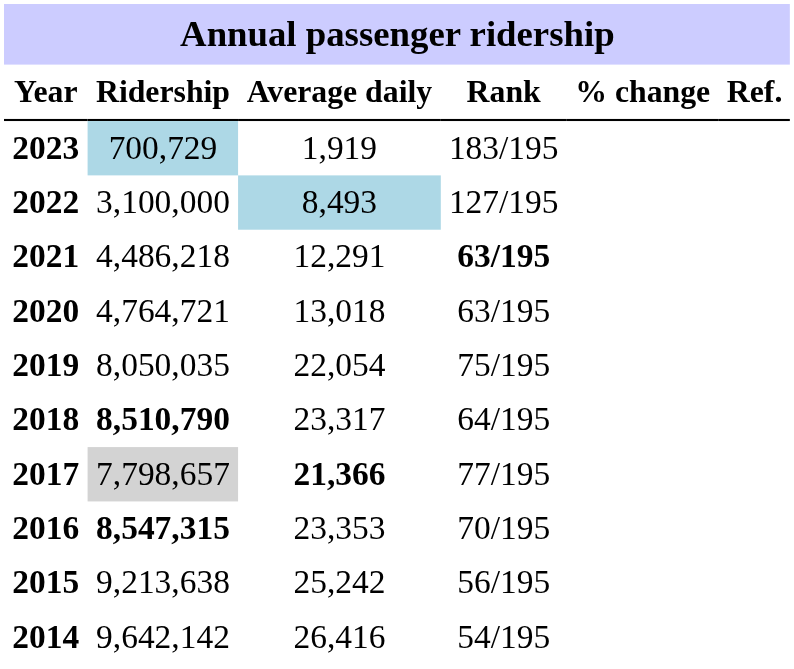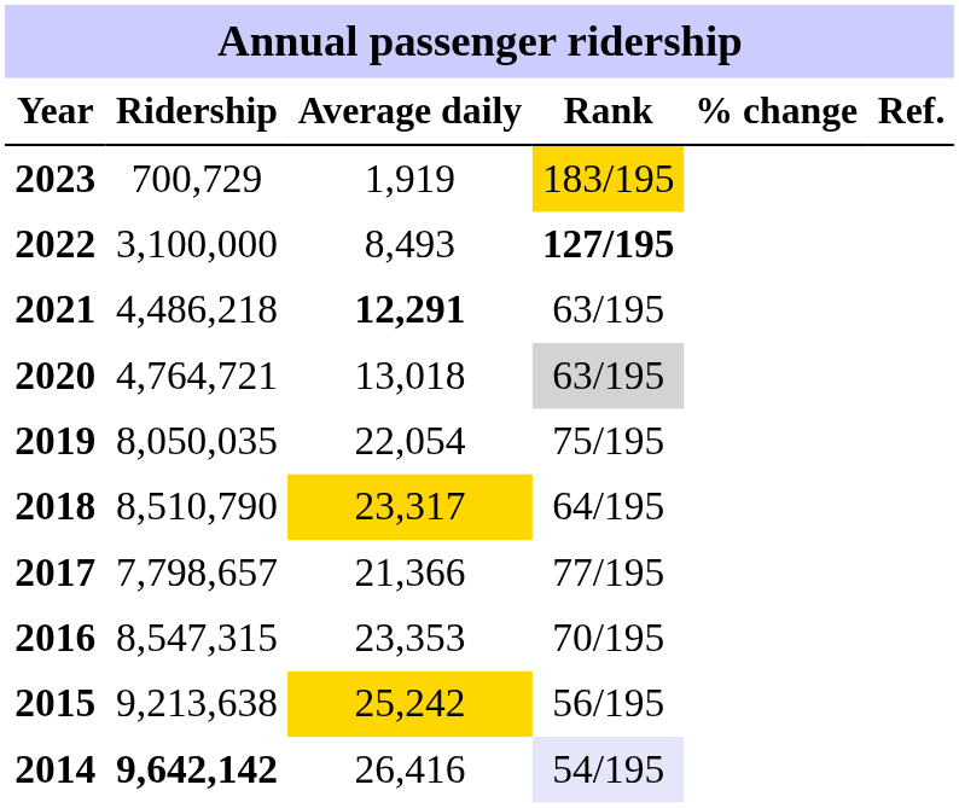 <table class="toccolours" cellpadding="4" cellspacing="0" style="text-align:right;">
 <tr>
 <th colspan="6"  style="background-color:#ccf; background-color:#ccf; font-size:110%; text-align:center;">Annual passenger ridership</th>
 </tr>
 <tr style="font-size:95%; text-align:center">
 <th style="border-bottom:1px solid black">Year</th>
 <th style="border-bottom:1px solid black">Ridership</th>
 <th style="border-bottom:1px solid black">Average daily</th>
 <th style="border-bottom:1px solid black">Rank</th>
 <th style="border-bottom:1px solid black">% change</th>
 <th style="border-bottom:1px solid black">Ref.</th>
 </tr>
 <tr style="text-align:center;">
 <td><strong>2023</strong></td>
-<td style="background: lightblue;">700,729</td>
+<td>700,729</td>
 <td>1,919</td>
-<td>183/195</td>
+<td style="background: gold;">183/195</td>
 <td></td>
 <td></td>
 </tr>
 <tr>
 </tr>
 <tr style="text-align:center;">
 <td><strong>2022</strong></td>
 <td>3,100,000</td>
-<td style="background: lightblue;">8,493</td>
-<td>127/195</td>
+<td>8,493</td>
+<td><strong>127/195</strong></td>
 <td></td>
 <td></td>
 </tr>
 <tr style="text-align:center;">
 <td><strong>2021</strong></td>
 <td>4,486,218</td>
-<td>12,291</td>
-<td><strong>63/195</strong></td>
+<td><strong>12,291</strong></td>
+<td>63/195</td>
 <td></td>
 <td></td>
 </tr>
 <tr style="text-align:center;">
 <td><strong>2020</strong></td>
 <td>4,764,721</td>
 <td>13,018</td>
-<td>63/195</td>
+<td style="background: lightgrey;">63/195</td>
 <td></td>
 <td></td>
 </tr>
 <tr style="text-align:center;">
 <td><strong>2019</strong></td>
 <td>8,050,035</td>
 <td>22,054</td>
 <td>75/195</td>
 <td></td>
 <td></td>
 </tr>
 <tr style="text-align:center;">
 <td><strong>2018</strong></td>
-<td><strong>8,510,790</strong></td>
-<td>23,317</td>
+<td>8,510,790</td>
+<td style="background: gold;">23,317</td>
 <td>64/195</td>
 <td></td>
 <td></td>
 </tr>
 <tr style="text-align:center;">
 <td><strong>2017</strong></td>
-<td style="background: lightgrey;">7,798,657</td>
-<td><strong>21,366</strong></td>
+<td>7,798,657</td>
+<td>21,366</td>
 <td>77/195</td>
 <td></td>
 <td></td>
 </tr>
 <tr style="text-align:center;">
 <td><strong>2016</strong></td>
-<td><strong>8,547,315</strong></td>
+<td>8,547,315</td>
 <td>23,353</td>
 <td>70/195</td>
 <td></td>
 <td></td>
 </tr>
 <tr style="text-align:center;">
 <td><strong>2015</strong></td>
 <td>9,213,638</td>
-<td>25,242</td>
+<td style="background: gold;">25,242</td>
 <td>56/195</td>
 <td></td>
 <td></td>
 </tr>
 <tr style="text-align:center;">
 <td><strong>2014</strong></td>
-<td>9,642,142</td>
+<td><strong>9,642,142</strong></td>
 <td>26,416</td>
-<td>54/195</td>
+<td style="background: lavender;">54/195</td>
 <td></td>
 <td></td>
 </tr>
 </table>
